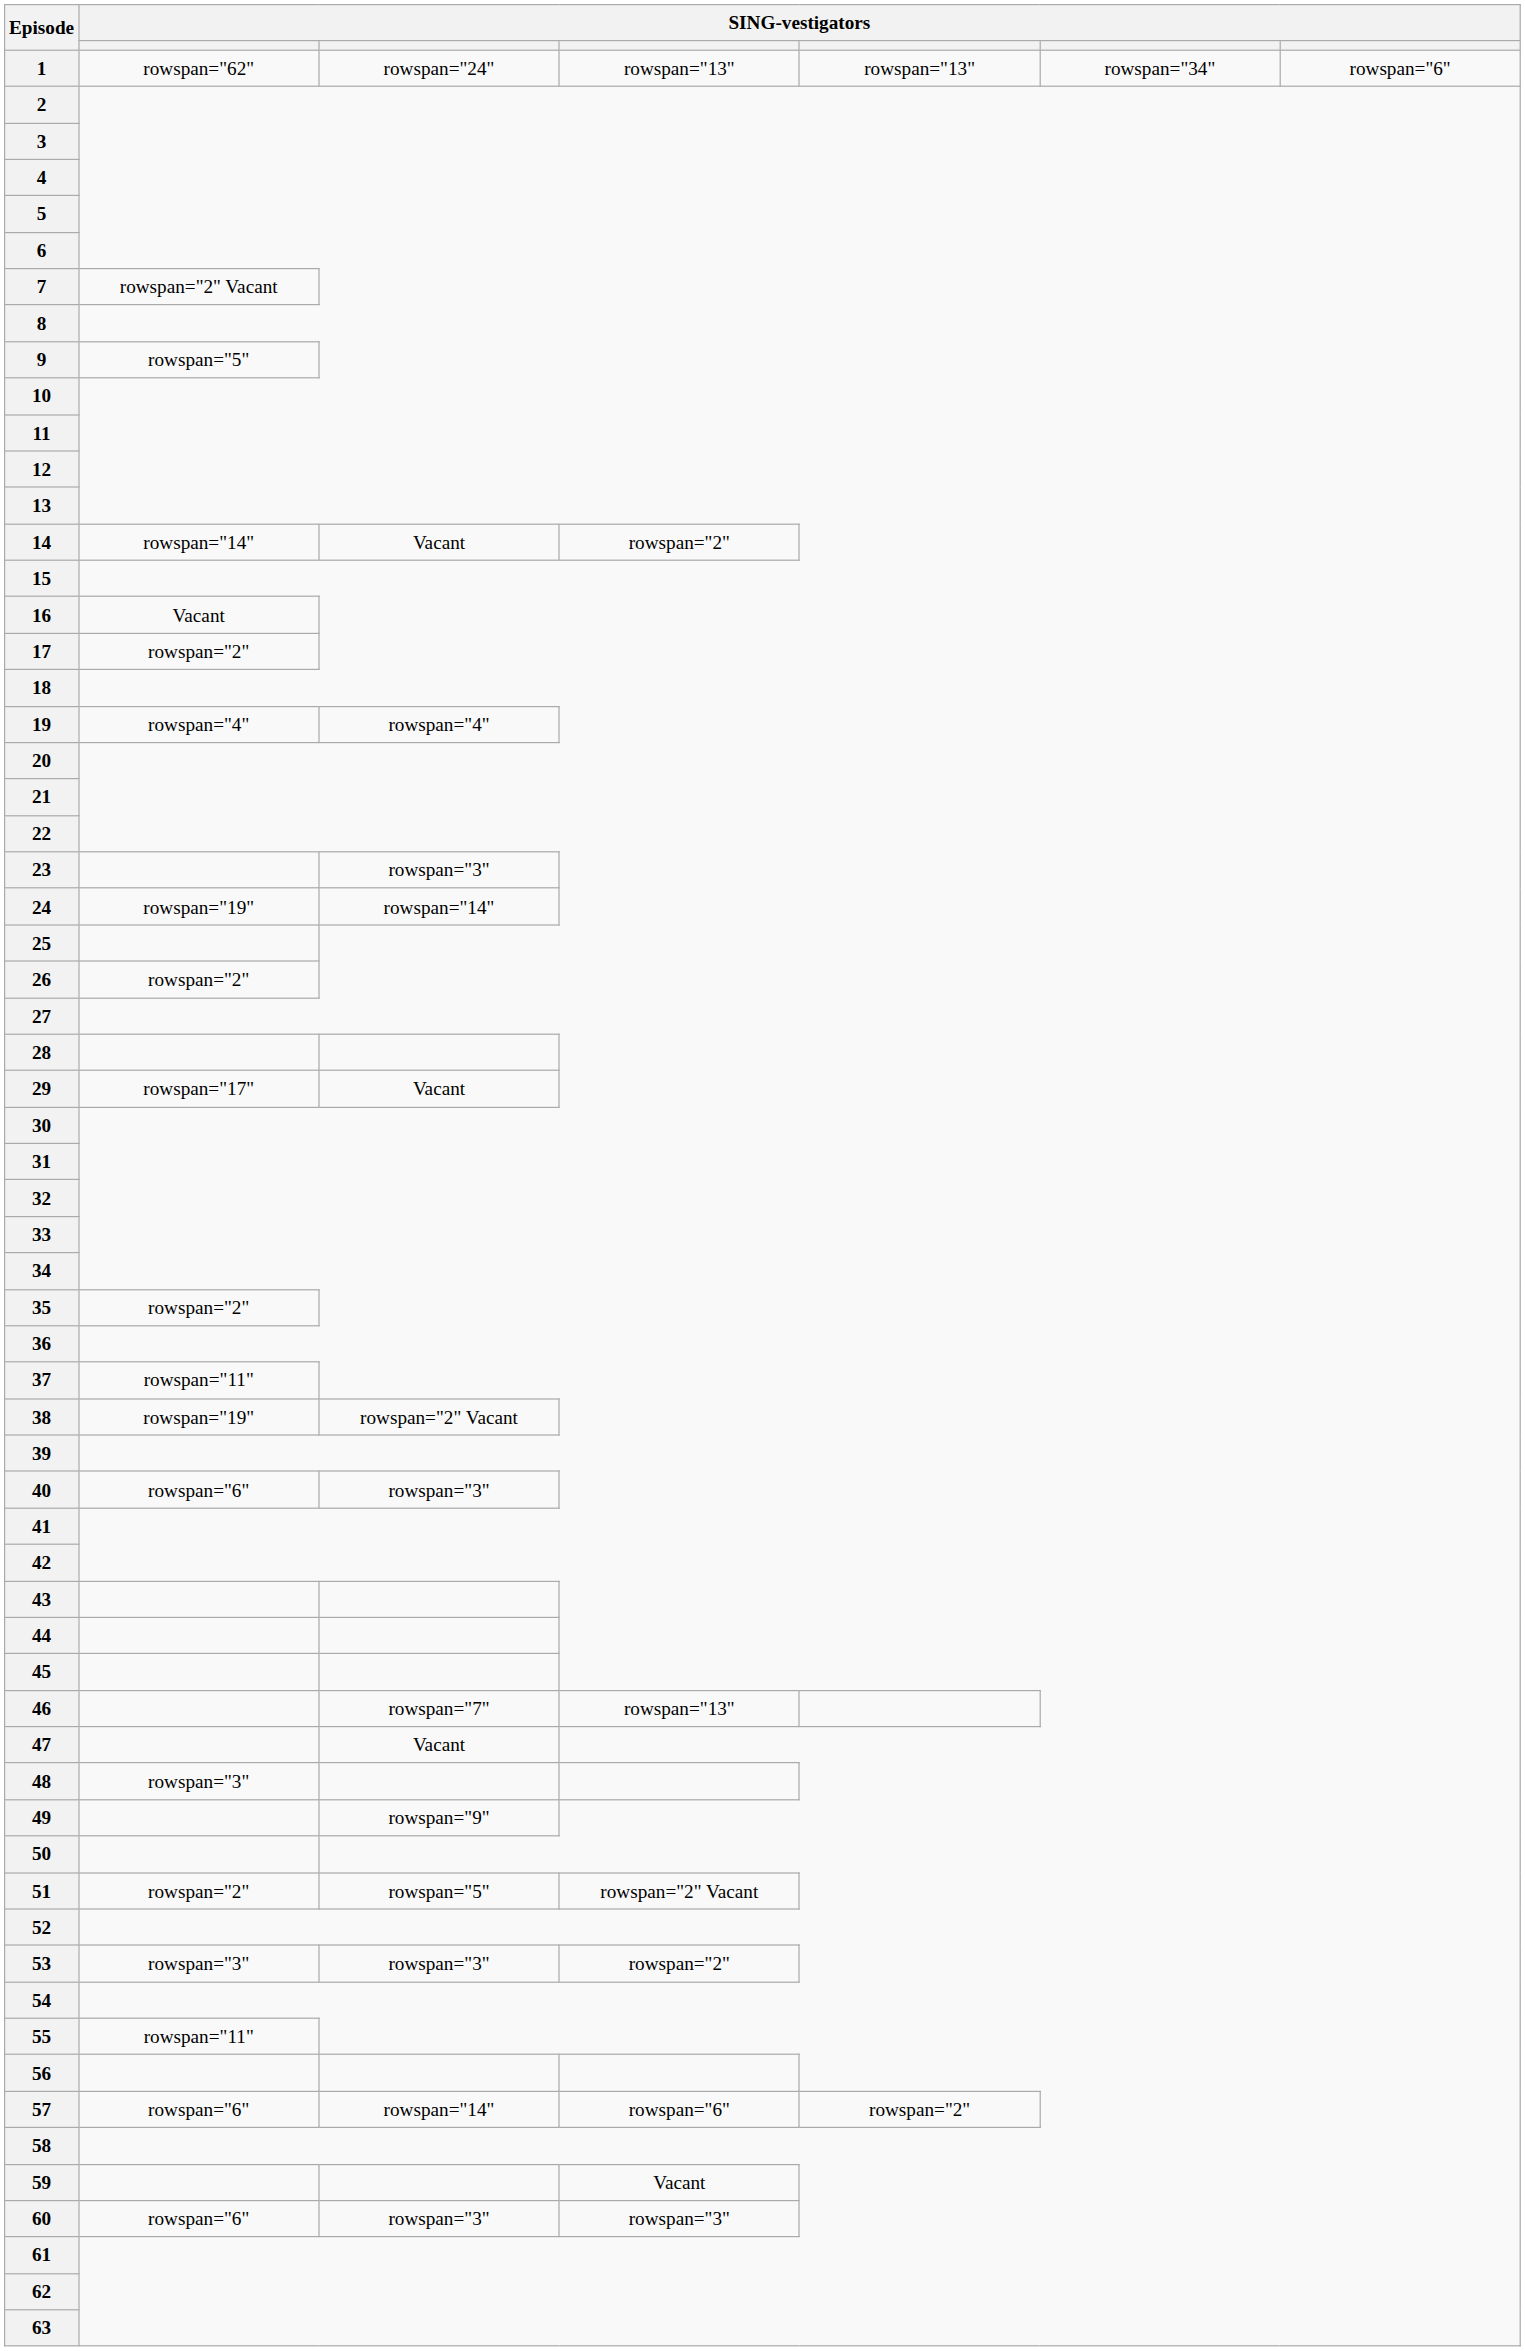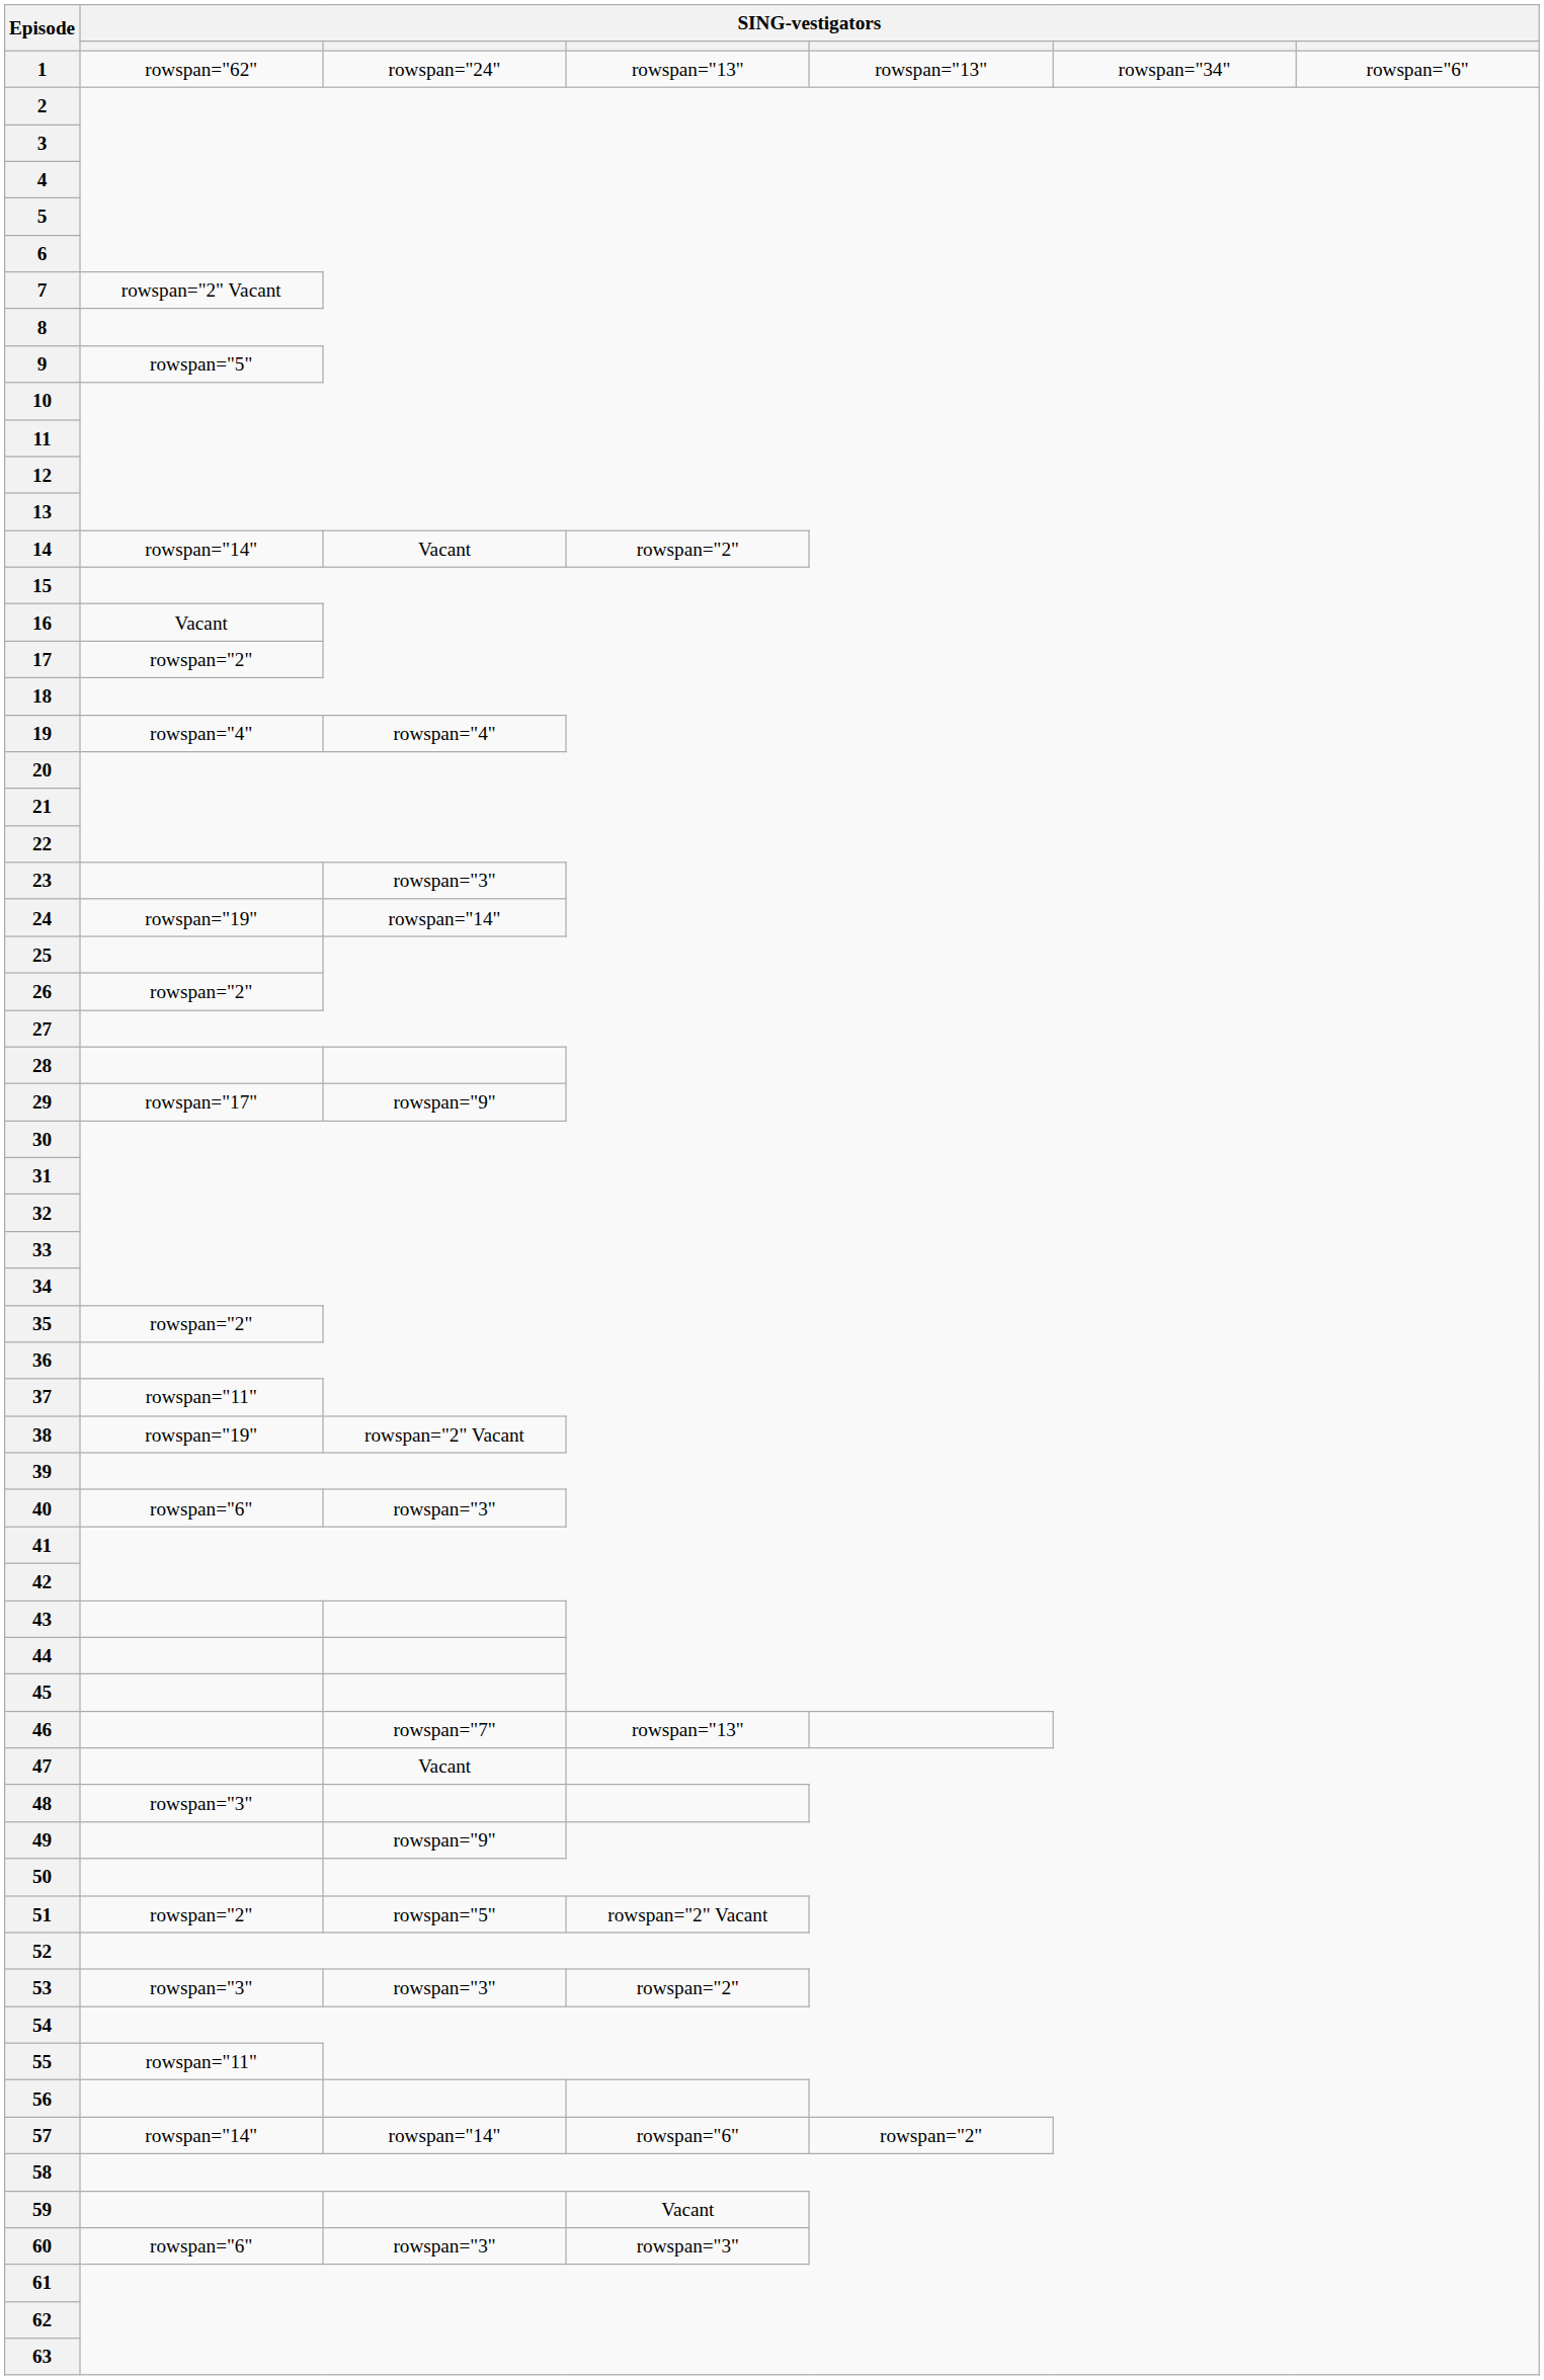 <table class="wikitable plainrowheaders mw-collapsible" style="text-align:center; line-height:23px; width:100%;">
 <tr>
 <th rowspan="2" width="1%">Episode</th>
 <th colspan="6">SING-vestigators</th>
 </tr>
 <tr>
 <th width="16%"></th>
 <th width="16%"></th>
 <th width="16%"></th>
 <th width="16%"></th>
 <th width="16%"></th>
 <th width="16%"></th>
 </tr>
 <tr>
 <th>1</th>
 <td>rowspan="62" </td>
 <td>rowspan="24" </td>
 <td>rowspan="13" </td>
 <td>rowspan="13" </td>
 <td>rowspan="34" </td>
 <td>rowspan="6" </td>
 </tr>
 <tr>
 <th>2</th>
 </tr>
 <tr>
 <th>3</th>
 </tr>
 <tr>
 <th>4</th>
 </tr>
 <tr>
 <th>5</th>
 </tr>
 <tr>
 <th>6</th>
 </tr>
 <tr>
 <th>7</th>
 <td>rowspan="2"  Vacant</td>
 </tr>
 <tr>
 <th>8</th>
 </tr>
 <tr>
 <th>9</th>
 <td>rowspan="5" </td>
 </tr>
 <tr>
 <th>10</th>
 </tr>
 <tr>
 <th>11</th>
 </tr>
 <tr>
 <th>12</th>
 </tr>
 <tr>
 <th>13</th>
 </tr>
 <tr>
 <th>14</th>
 <td>rowspan="14" </td>
 <td> Vacant</td>
 <td>rowspan="2" </td>
 </tr>
 <tr>
 <th>15</th>
 </tr>
 <tr>
 <th>16</th>
 <td> Vacant</td>
 </tr>
 <tr>
 <th>17</th>
 <td>rowspan="2" </td>
 </tr>
 <tr>
 <th>18</th>
 </tr>
 <tr>
 <th>19</th>
 <td>rowspan="4" </td>
 <td>rowspan="4" </td>
 </tr>
 <tr>
 <th>20</th>
 </tr>
 <tr>
 <th>21</th>
 </tr>
 <tr>
 <th>22</th>
 </tr>
 <tr>
 <th>23</th>
 <td></td>
 <td>rowspan="3" </td>
 </tr>
 <tr>
 <th>24</th>
 <td>rowspan="19" </td>
 <td>rowspan="14" </td>
 </tr>
 <tr>
 <th>25</th>
 <td></td>
 </tr>
 <tr>
 <th>26</th>
 <td>rowspan="2" </td>
 </tr>
 <tr>
 <th>27</th>
 </tr>
 <tr>
 <th>28</th>
 <td></td>
 <td></td>
 </tr>
 <tr>
 <th>29</th>
 <td>rowspan="17" </td>
-<td> Vacant</td>
+<td>rowspan="9" </td>
 </tr>
 <tr>
 <th>30</th>
 </tr>
 <tr>
 <th>31</th>
 </tr>
 <tr>
 <th>32</th>
 </tr>
 <tr>
 <th>33</th>
 </tr>
 <tr>
 <th>34</th>
 </tr>
 <tr>
 <th>35</th>
 <td>rowspan="2" </td>
 </tr>
 <tr>
 <th>36</th>
 </tr>
 <tr>
 <th>37</th>
 <td>rowspan="11" </td>
 </tr>
 <tr>
 <th>38</th>
 <td>rowspan="19" </td>
 <td>rowspan="2"  Vacant</td>
 </tr>
 <tr>
 <th>39</th>
 </tr>
 <tr>
 <th>40</th>
 <td>rowspan="6" </td>
 <td>rowspan="3" </td>
 </tr>
 <tr>
 <th>41</th>
 </tr>
 <tr>
 <th>42</th>
 </tr>
 <tr>
 <th>43</th>
 <td></td>
 <td></td>
 </tr>
 <tr>
 <th>44</th>
 <td></td>
 <td></td>
 </tr>
 <tr>
 <th>45</th>
 <td></td>
 <td></td>
 </tr>
 <tr>
 <th>46</th>
 <td></td>
 <td>rowspan="7" </td>
 <td>rowspan="13" </td>
 <td></td>
 </tr>
 <tr>
 <th>47</th>
 <td></td>
 <td> Vacant</td>
 </tr>
 <tr>
 <th>48</th>
 <td>rowspan="3" </td>
 <td></td>
 <td></td>
 </tr>
 <tr>
 <th>49</th>
 <td></td>
 <td>rowspan="9" </td>
 </tr>
 <tr>
 <th>50</th>
 <td></td>
 </tr>
 <tr>
 <th>51</th>
 <td>rowspan="2" </td>
 <td>rowspan="5" </td>
 <td>rowspan="2"  Vacant</td>
 </tr>
 <tr>
 <th>52</th>
 </tr>
 <tr>
 <th>53</th>
 <td>rowspan="3" </td>
 <td>rowspan="3" </td>
 <td>rowspan="2" </td>
 </tr>
 <tr>
 <th>54</th>
 </tr>
 <tr>
 <th>55</th>
 <td>rowspan="11" </td>
 </tr>
 <tr>
 <th>56</th>
 <td></td>
 <td></td>
 <td></td>
 </tr>
 <tr>
 <th>57</th>
-<td>rowspan="6" </td>
+<td>rowspan="14" </td>
 <td>rowspan="14" </td>
 <td>rowspan="6" </td>
 <td>rowspan="2" </td>
 </tr>
 <tr>
 <th>58</th>
 </tr>
 <tr>
 <th>59</th>
 <td></td>
 <td></td>
 <td> Vacant</td>
 </tr>
 <tr>
 <th>60</th>
 <td>rowspan="6" </td>
 <td>rowspan="3" </td>
 <td>rowspan="3" </td>
 </tr>
 <tr>
 <th>61</th>
 </tr>
 <tr>
 <th>62</th>
 </tr>
 <tr>
 <th>63</th>
 </tr>
 </table>
